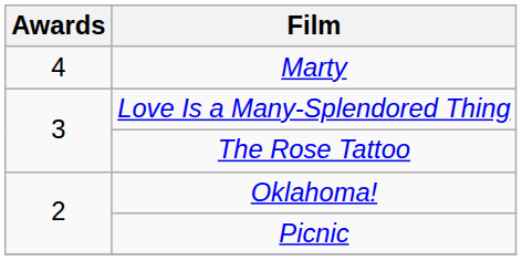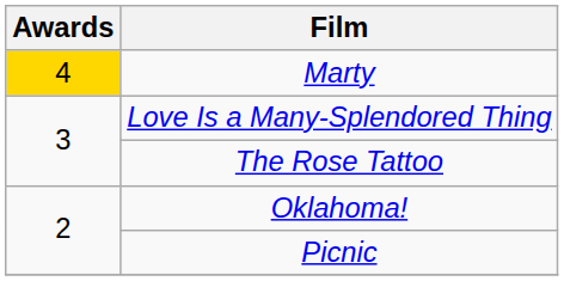 <table class="wikitable" rowspan="2" style="text-align:center;">
 <tr>
 <th scope="col" style="width:55px;">Awards</th>
 <th scope="col" style="text-align:center;">Film</th>
 </tr>
 <tr>
-<td rowspan=1, style="text-align:center">4</td>
+<td rowspan=1, style="background: gold; text-align:center">4</td>
 <td><em><a href='#'>Marty</a></em></td>
 </tr>
 <tr>
 <td rowspan=2, style="text-align:center">3</td>
 <td><em><a href='#'>Love Is a Many-Splendored Thing</a></em></td>
 </tr>
 <tr>
 <td><em><a href='#'>The Rose Tattoo</a></em></td>
 </tr>
 <tr>
 <td rowspan=2, style="text-align:center">2</td>
 <td><em><a href='#'>Oklahoma!</a></em></td>
 </tr>
 <tr>
 <td><em><a href='#'>Picnic</a></em></td>
 </tr>
 <tr>
 </tr>
 </table>
